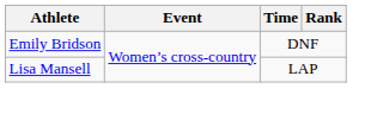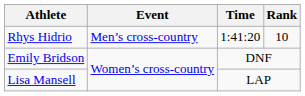 <table class=wikitable style="font-size:90%;">
 <tr>
 <th>Athlete</th>
 <th>Event</th>
 <th>Time</th>
 <th>Rank</th>
+</tr>
+<tr align=center>
+<td align=left><a href='#'>Rhys Hidrio</a></td>
+<td align=left rowspan=1><a href='#'>Men’s cross-country</a></td>
+<td>1:41:20</td>
+<td>10</td>
 </tr>
 <tr align=center>
 <td align=left><a href='#'>Emily Bridson</a></td>
 <td align=left rowspan=2><a href='#'>Women’s cross-country</a></td>
 <td colspan=2>DNF</td>
 </tr>
 <tr align=center>
 <td align=left><a href='#'>Lisa Mansell</a></td>
 <td colspan=2>LAP</td>
 </tr>
 </table>
